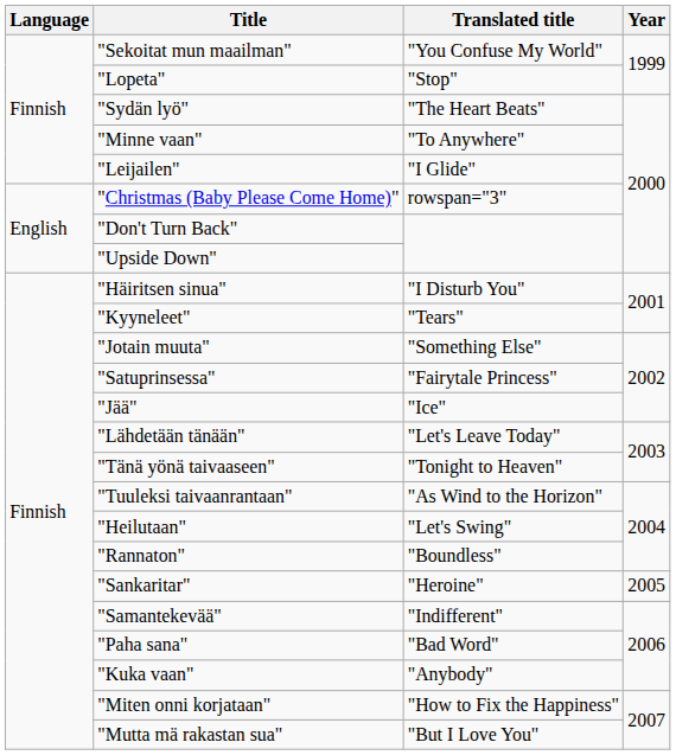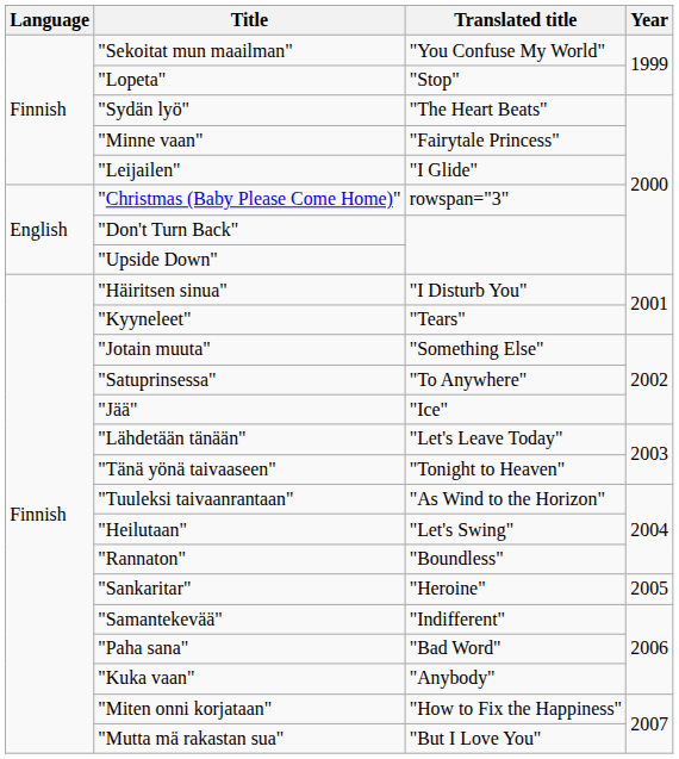 <table class="wikitable">
 <tr>
 <th>Language</th>
 <th>Title</th>
 <th>Translated title</th>
 <th>Year</th>
 </tr>
 <tr>
 <td rowspan="5">Finnish</td>
 <td>"Sekoitat mun maailman"</td>
 <td>"You Confuse My World"</td>
 <td rowspan="2">1999</td>
 </tr>
 <tr>
 <td>"Lopeta"</td>
 <td>"Stop"</td>
 </tr>
 <tr>
 <td>"Sydän lyö"</td>
 <td>"The Heart Beats"</td>
 <td rowspan="6">2000</td>
 </tr>
 <tr>
 <td>"Minne vaan"</td>
-<td>"To Anywhere"</td>
+<td>"Fairytale Princess"</td>
 </tr>
 <tr>
 <td>"Leijailen"</td>
 <td>"I Glide"</td>
 </tr>
 <tr>
 <td rowspan="3">English</td>
 <td>"<a href='#'>Christmas (Baby Please Come Home)</a>"</td>
 <td>rowspan="3" </td>
 </tr>
 <tr>
 <td>"Don't Turn Back"</td>
 </tr>
 <tr>
 <td>"Upside Down"</td>
 </tr>
 <tr>
 <td rowspan="16">Finnish</td>
 <td>"Häiritsen sinua"</td>
 <td>"I Disturb You"</td>
 <td rowspan="2">2001</td>
 </tr>
 <tr>
 <td>"Kyyneleet"</td>
 <td>"Tears"</td>
 </tr>
 <tr>
 <td>"Jotain muuta"</td>
 <td>"Something Else"</td>
 <td rowspan="3">2002</td>
 </tr>
 <tr>
 <td>"Satuprinsessa"</td>
-<td>"Fairytale Princess"</td>
+<td>"To Anywhere"</td>
 </tr>
 <tr>
 <td>"Jää"</td>
 <td>"Ice"</td>
 </tr>
 <tr>
 <td>"Lähdetään tänään"</td>
 <td>"Let's Leave Today"</td>
 <td rowspan="2">2003</td>
 </tr>
 <tr>
 <td>"Tänä yönä taivaaseen"</td>
 <td>"Tonight to Heaven"</td>
 </tr>
 <tr>
 <td>"Tuuleksi taivaanrantaan"</td>
 <td>"As Wind to the Horizon"</td>
 <td rowspan="3">2004</td>
 </tr>
 <tr>
 <td>"Heilutaan"</td>
 <td>"Let's Swing"</td>
 </tr>
 <tr>
 <td>"Rannaton"</td>
 <td>"Boundless"</td>
 </tr>
 <tr>
 <td>"Sankaritar"</td>
 <td>"Heroine"</td>
 <td>2005</td>
 </tr>
 <tr>
 <td>"Samantekevää"</td>
 <td>"Indifferent"</td>
 <td rowspan="3">2006</td>
 </tr>
 <tr>
 <td>"Paha sana"</td>
 <td>"Bad Word"</td>
 </tr>
 <tr>
 <td>"Kuka vaan"</td>
 <td>"Anybody"</td>
 </tr>
 <tr>
 <td>"Miten onni korjataan"</td>
 <td>"How to Fix the Happiness"</td>
 <td rowspan="2">2007</td>
 </tr>
 <tr>
 <td>"Mutta mä rakastan sua"</td>
 <td>"But I Love You"</td>
 </tr>
 </table>
